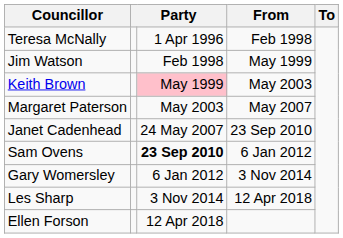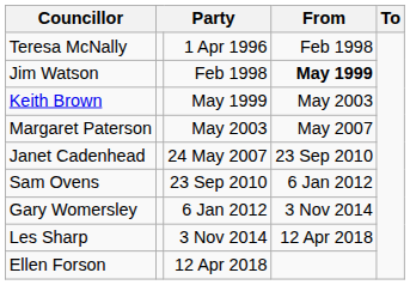 <table class=wikitable>
 <tr>
 <th>Councillor</th>
 <th colspan=2>Party</th>
 <th>From</th>
 <th>To</th>
 </tr>
 <tr>
 <td>Teresa McNally</td>
 <td></td>
 <td align=right>1 Apr 1996</td>
 <td align=right>Feb 1998</td>
 </tr>
 <tr>
 <td>Jim Watson</td>
 <td></td>
 <td align=right>Feb 1998</td>
-<td align=right>May 1999</td>
+<td align=right><strong>May 1999</strong></td>
 </tr>
 <tr>
 <td><a href='#'>Keith Brown</a></td>
 <td></td>
-<td align=right style="background: pink;">May 1999</td>
+<td align=right>May 1999</td>
 <td align=right>May 2003</td>
 </tr>
 <tr>
 <td>Margaret Paterson</td>
 <td></td>
 <td align=right>May 2003</td>
 <td align=right>May 2007</td>
 </tr>
 <tr>
 <td>Janet Cadenhead</td>
 <td></td>
 <td align=right>24 May 2007</td>
 <td align=right>23 Sep 2010</td>
 </tr>
 <tr>
 <td>Sam Ovens</td>
 <td></td>
-<td align=right><strong>23 Sep 2010</strong></td>
+<td align=right>23 Sep 2010</td>
 <td align=right>6 Jan 2012</td>
 </tr>
 <tr>
 <td>Gary Womersley</td>
 <td></td>
 <td align=right>6 Jan 2012</td>
 <td align=right>3 Nov 2014</td>
 </tr>
 <tr>
 <td>Les Sharp</td>
 <td></td>
 <td align=right>3 Nov 2014</td>
 <td align=right>12 Apr 2018</td>
 </tr>
 <tr>
 <td>Ellen Forson</td>
 <td></td>
 <td align=right>12 Apr 2018</td>
 <td align=right></td>
 </tr>
 </table>
